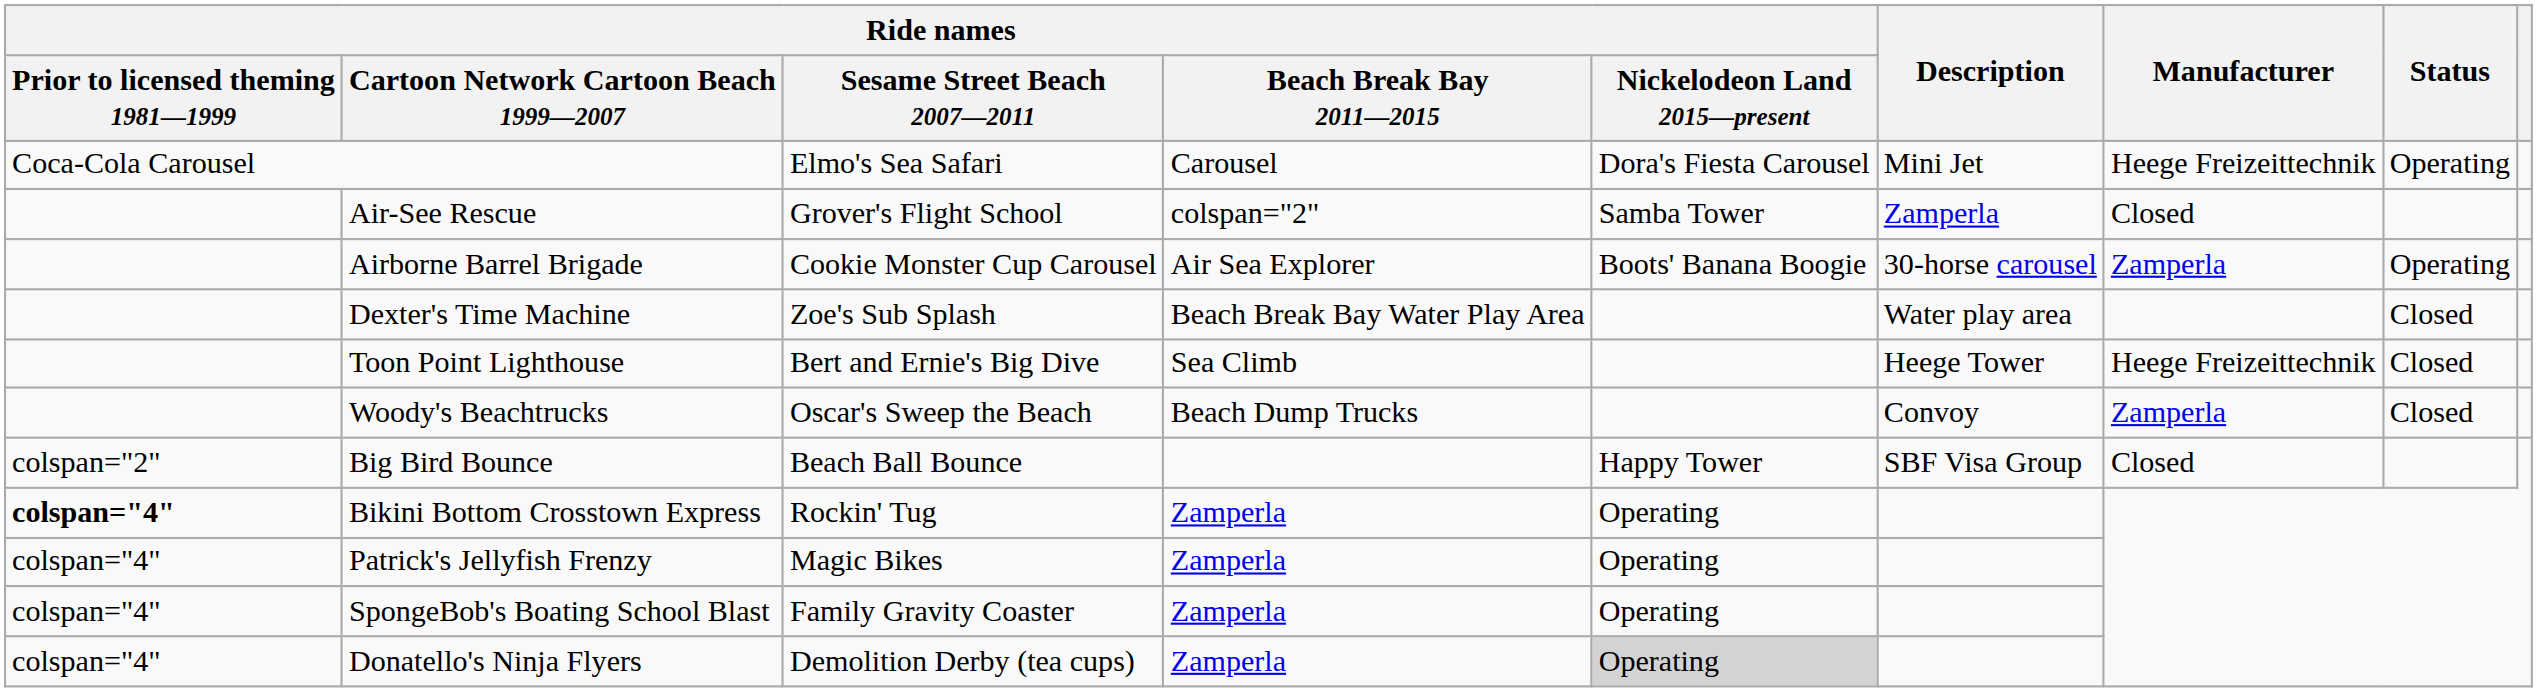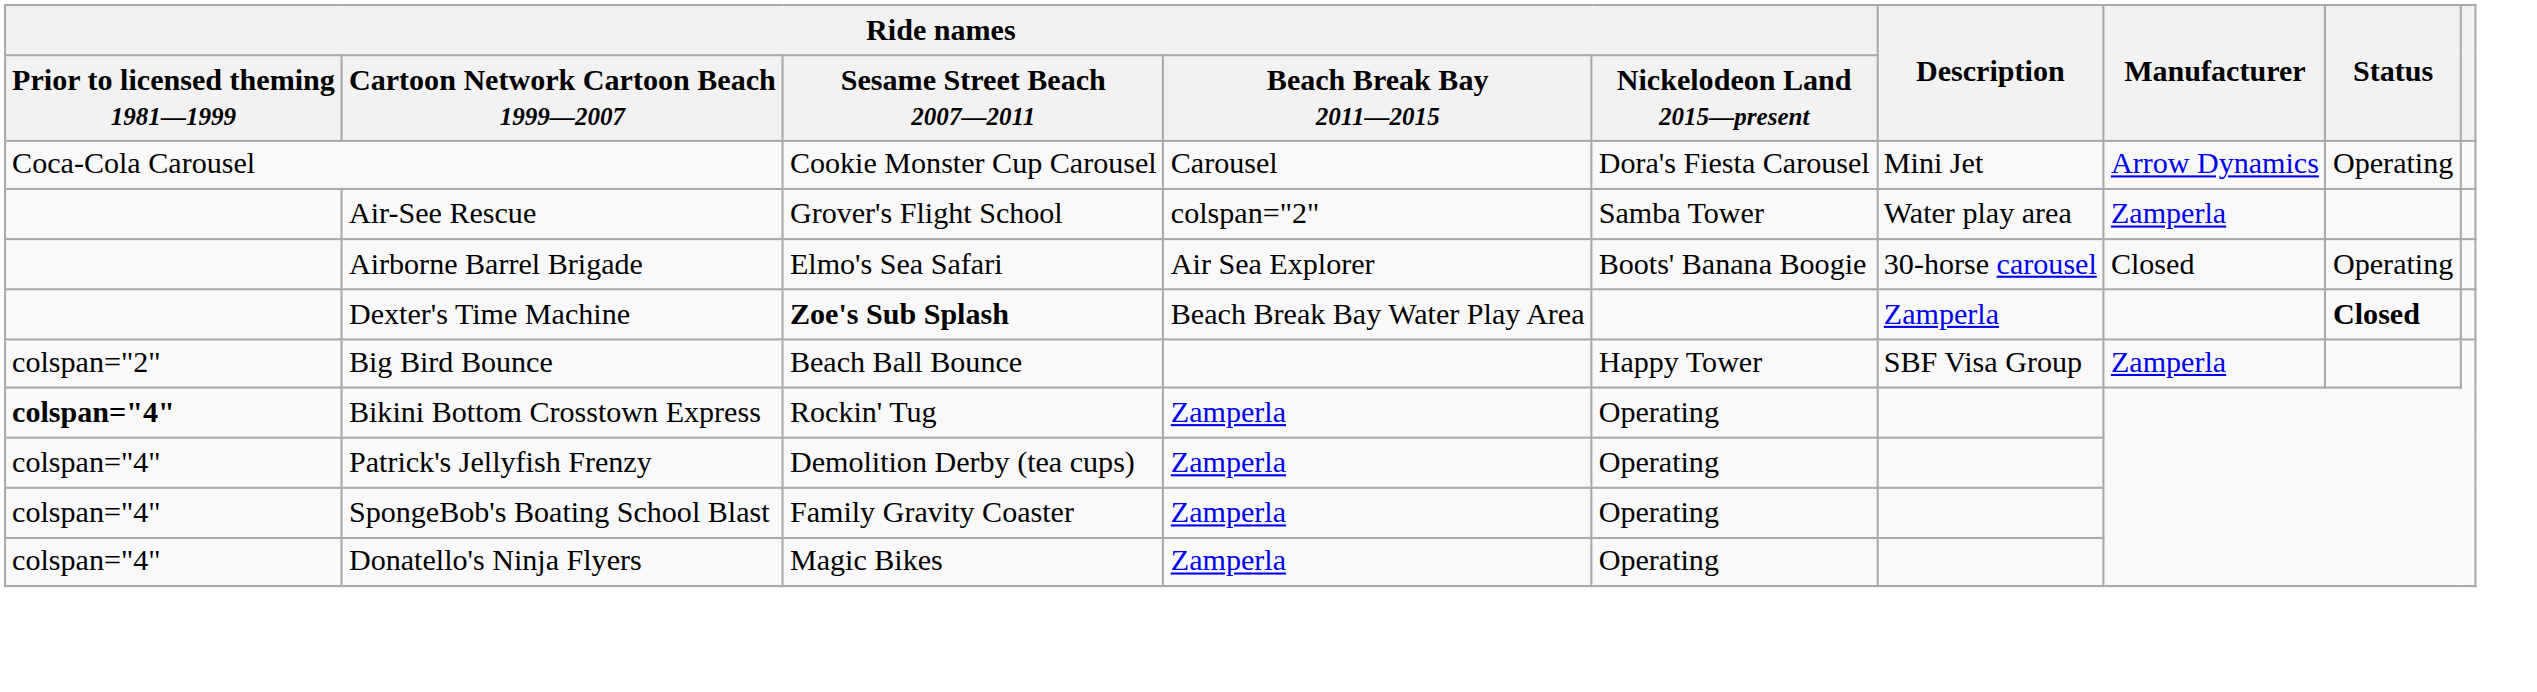 <table class="wikitable" style="font-size:90%">
 <tr>
 <th colspan="5">Ride names</th>
 <th rowspan="2">Description</th>
 <th rowspan="2">Manufacturer</th>
 <th rowspan="2">Status</th>
 <th rowspan="2"></th>
 </tr>
 <tr>
 <th>Prior to licensed theming<br><small><em>1981—1999</em></small></th>
 <th>Cartoon Network Cartoon Beach<br><small><em>1999—2007</em></small></th>
 <th>Sesame Street Beach<br><small><em>2007—2011</em></small></th>
 <th>Beach Break Bay<br><small><em>2011—2015</em></small></th>
 <th>Nickelodeon Land<br><small> <em>2015—present</em></small></th>
 </tr>
 <tr>
 <td colspan="2">Coca-Cola Carousel</td>
-<td>Elmo's Sea Safari</td>
+<td>Cookie Monster Cup Carousel</td>
 <td>Carousel</td>
 <td>Dora's Fiesta Carousel</td>
 <td>Mini Jet</td>
-<td>Heege Freizeittechnik</td>
+<td><a href='#'>Arrow Dynamics</a></td>
 <td>Operating</td>
 <td></td>
 </tr>
 <tr>
 <td></td>
 <td>Air-See Rescue</td>
 <td>Grover's Flight School</td>
 <td>colspan="2" </td>
 <td>Samba Tower</td>
+<td>Water play area</td>
 <td><a href='#'>Zamperla</a></td>
-<td>Closed</td>
 <td></td>
 </tr>
 <tr>
 <td></td>
 <td>Airborne Barrel Brigade</td>
-<td>Cookie Monster Cup Carousel</td>
+<td>Elmo's Sea Safari</td>
 <td>Air Sea Explorer</td>
 <td>Boots' Banana Boogie</td>
 <td>30-horse <a href='#'>carousel</a></td>
-<td><a href='#'>Zamperla</a></td>
+<td>Closed</td>
 <td>Operating</td>
 <td></td>
 </tr>
 <tr>
 <td></td>
 <td>Dexter's Time Machine</td>
-<td>Zoe's Sub Splash</td>
+<td><strong>Zoe's Sub Splash</strong></td>
 <td>Beach Break Bay Water Play Area</td>
 <td></td>
-<td>Water play area</td>
+<td><a href='#'>Zamperla</a></td>
 <td></td>
-<td>Closed</td>
-<td></td>
-</tr>
-<tr>
-<td></td>
-<td>Toon Point Lighthouse</td>
-<td>Bert and Ernie's Big Dive</td>
-<td>Sea Climb</td>
-<td></td>
-<td>Heege Tower</td>
-<td>Heege Freizeittechnik</td>
-<td>Closed</td>
-<td></td>
-</tr>
-<tr>
-<td></td>
-<td>Woody's Beachtrucks</td>
-<td>Oscar's Sweep the Beach</td>
-<td>Beach Dump Trucks</td>
-<td></td>
-<td>Convoy</td>
-<td><a href='#'>Zamperla</a></td>
-<td>Closed</td>
+<td><strong>Closed</strong></td>
 <td></td>
 </tr>
 <tr>
 <td>colspan="2" </td>
 <td>Big Bird Bounce</td>
 <td>Beach Ball Bounce</td>
 <td></td>
 <td>Happy Tower</td>
 <td>SBF Visa Group</td>
-<td>Closed</td>
+<td><a href='#'>Zamperla</a></td>
 <td></td>
 </tr>
 <tr>
 <td><strong>colspan="4" </strong></td>
 <td>Bikini Bottom Crosstown Express</td>
 <td>Rockin' Tug</td>
 <td><a href='#'>Zamperla</a></td>
 <td>Operating</td>
 <td></td>
 </tr>
 <tr>
 <td>colspan="4" </td>
 <td>Patrick's Jellyfish Frenzy</td>
-<td>Magic Bikes</td>
+<td>Demolition Derby (tea cups)</td>
 <td><a href='#'>Zamperla</a></td>
 <td>Operating</td>
 <td></td>
 </tr>
 <tr>
 <td>colspan="4" </td>
 <td>SpongeBob's Boating School Blast</td>
 <td>Family Gravity Coaster</td>
 <td><a href='#'>Zamperla</a></td>
 <td>Operating</td>
 <td></td>
 </tr>
 <tr>
 <td>colspan="4" </td>
 <td>Donatello's Ninja Flyers</td>
-<td>Demolition Derby (tea cups)</td>
+<td>Magic Bikes</td>
 <td><a href='#'>Zamperla</a></td>
-<td style="background: lightgrey;">Operating</td>
+<td>Operating</td>
 <td></td>
 </tr>
 </table>
